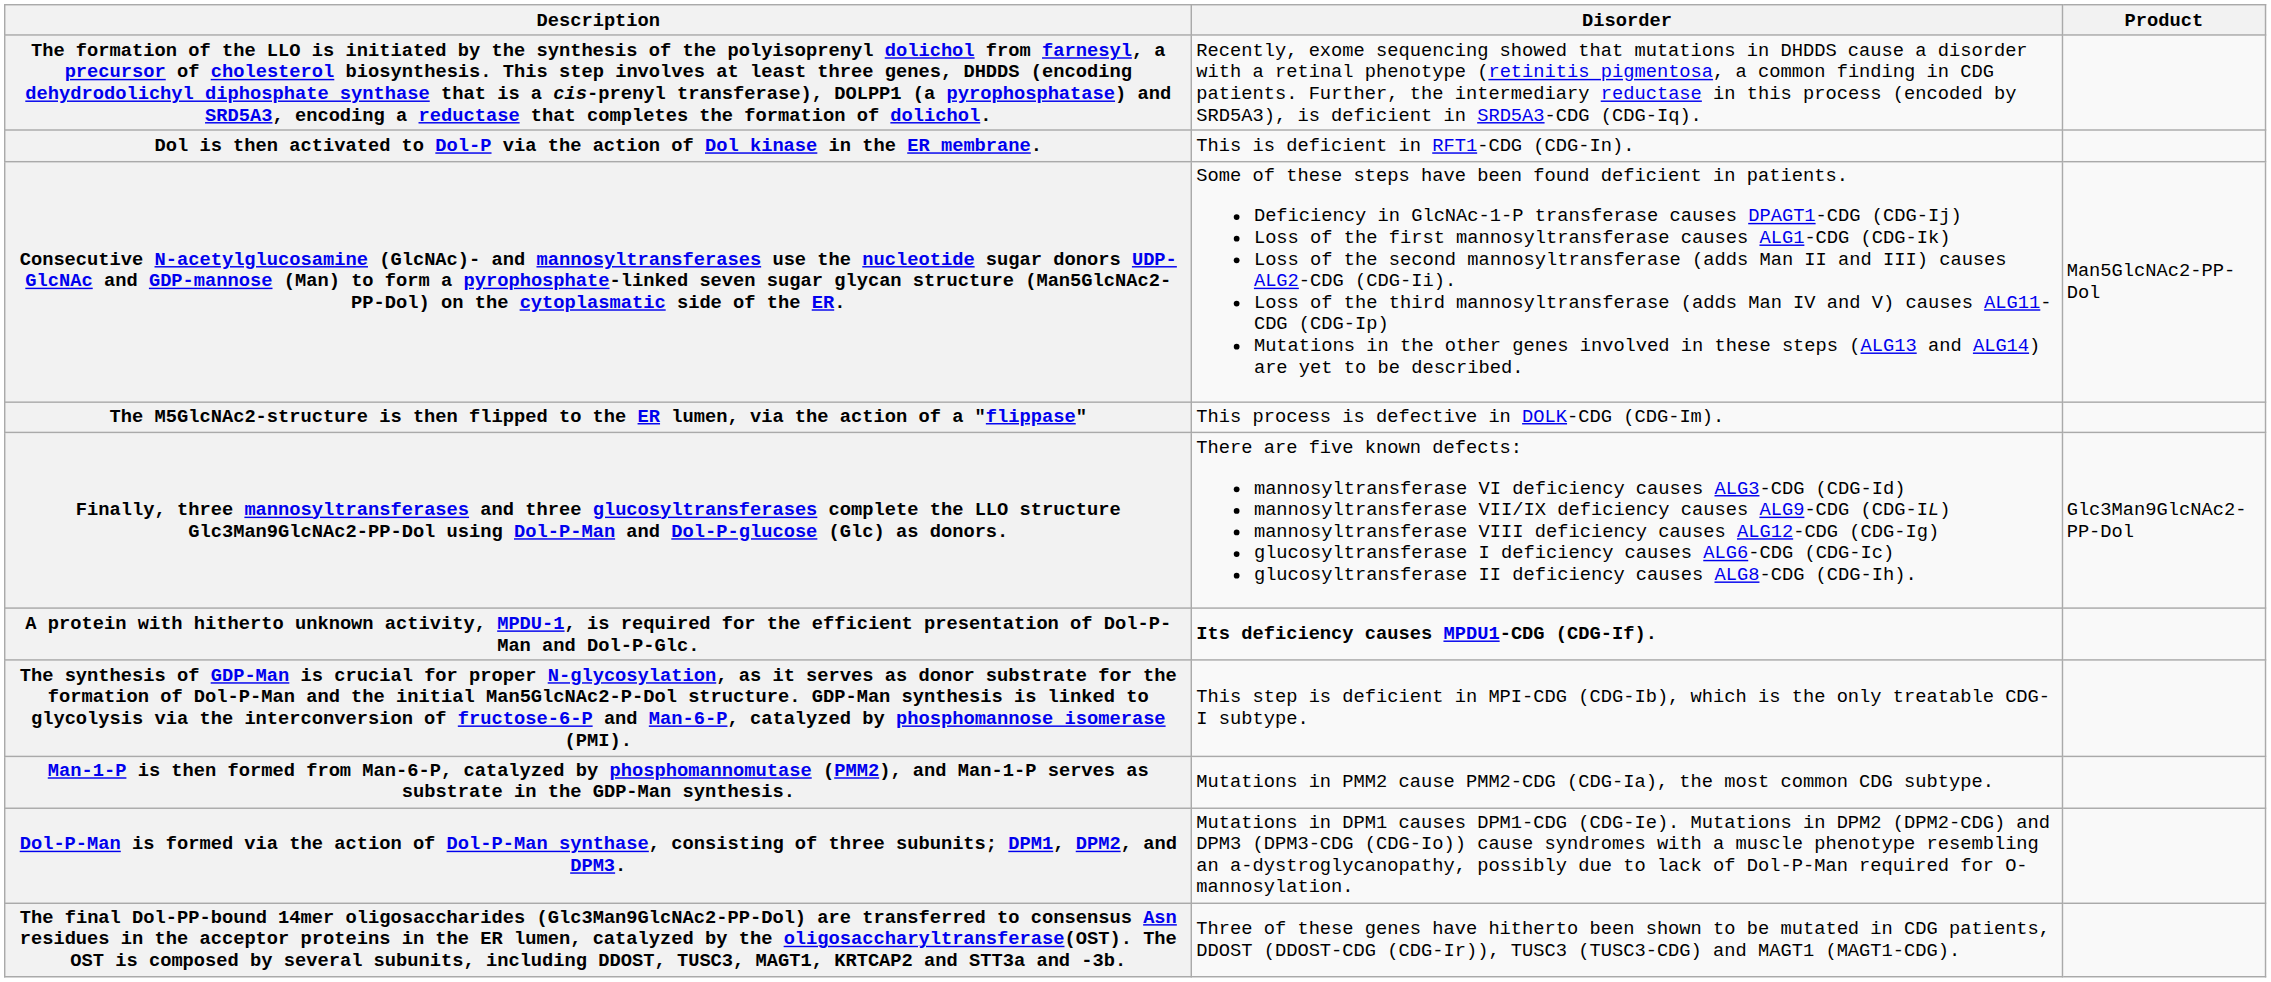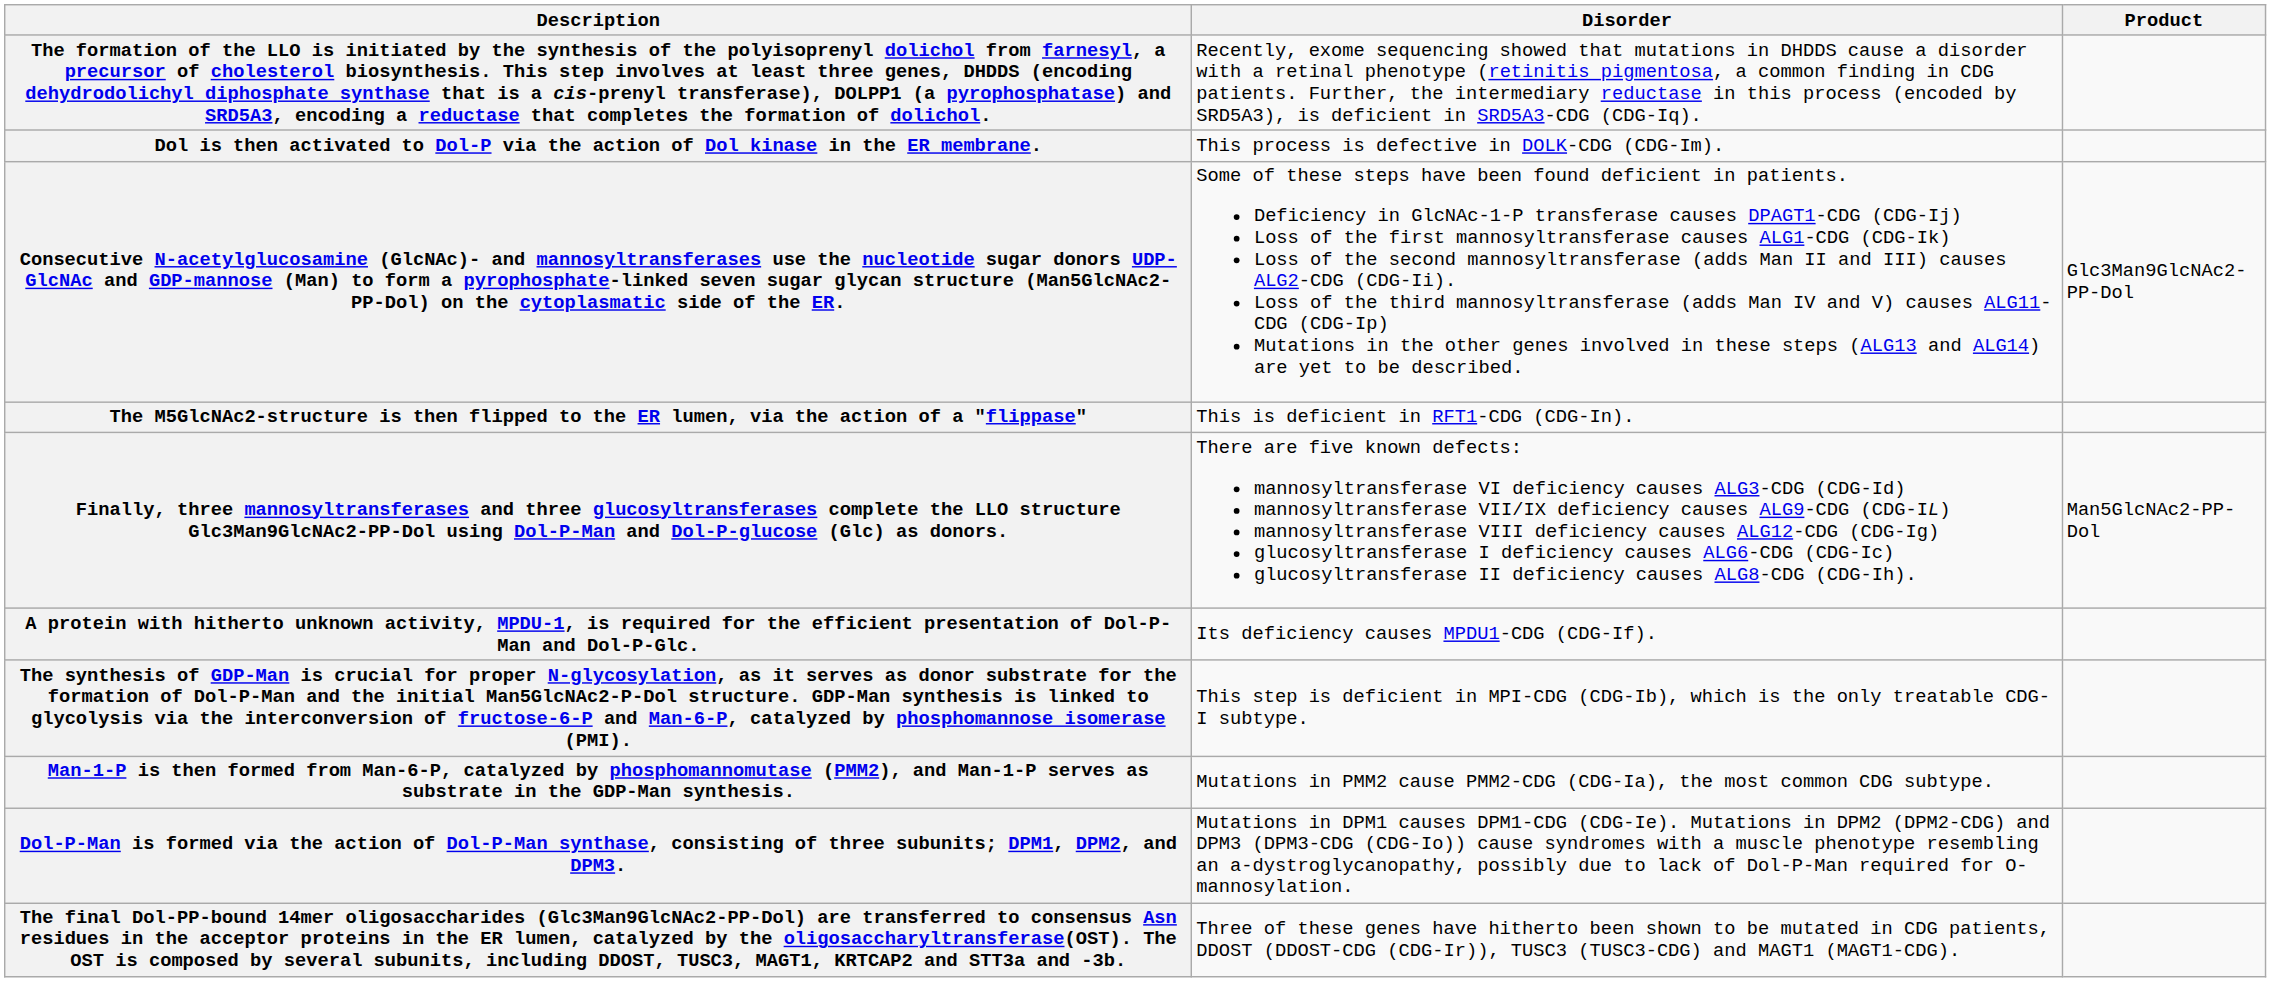 <table class="wikitable plainrowheaders">
 <tr>
 <th scope="col">Description</th>
 <th scope="col">Disorder</th>
 <th scope="col">Product</th>
 </tr>
 <tr>
 <th scope="row">The formation of the LLO is initiated by the synthesis of the polyisoprenyl <a href='#'>dolichol</a> from <a href='#'>farnesyl</a>, a <a href='#'>precursor</a> of <a href='#'>cholesterol</a> biosynthesis. This step involves at least three genes, DHDDS (encoding <a href='#'>dehydrodolichyl diphosphate synthase</a> that is a <em>cis</em>-prenyl transferase), DOLPP1 (a <a href='#'>pyrophosphatase</a>) and <a href='#'>SRD5A3</a>, encoding a <a href='#'>reductase</a> that completes the formation of <a href='#'>dolichol</a>.</th>
 <td>Recently, exome sequencing showed that mutations in DHDDS cause a disorder with a retinal phenotype (<a href='#'>retinitis pigmentosa</a>, a common finding in CDG patients. Further, the intermediary <a href='#'>reductase</a> in this process (encoded by SRD5A3), is deficient in <a href='#'>SRD5A3</a>-CDG (CDG-Iq).</td>
 <td></td>
 </tr>
 <tr>
 <th scope="row">Dol is then activated to <a href='#'>Dol-P</a> via the action of <a href='#'>Dol kinase</a> in the <a href='#'>ER membrane</a>.</th>
-<td>This is deficient in <a href='#'>RFT1</a>-CDG (CDG-In).</td>
+<td>This process is defective in <a href='#'>DOLK</a>-CDG (CDG-Im).</td>
 <td></td>
 </tr>
 <tr>
 <th scope="row">Consecutive <a href='#'>N-acetylglucosamine</a> (GlcNAc)- and <a href='#'>mannosyltransferases</a> use the <a href='#'>nucleotide</a> sugar donors <a href='#'>UDP-GlcNAc</a> and <a href='#'>GDP-mannose</a> (Man) to form a <a href='#'>pyrophosphate</a>-linked seven sugar glycan structure (Man5GlcNAc2-PP-Dol) on the <a href='#'>cytoplasmatic</a> side of the <a href='#'>ER</a>.</th>
 <td>Some of these steps have been found deficient in patients.<br><ul><li>Deficiency in GlcNAc-1-P transferase causes <a href='#'>DPAGT1</a>-CDG (CDG-Ij)</li><li>Loss of the first mannosyltransferase causes <a href='#'>ALG1</a>-CDG (CDG-Ik)</li><li>Loss of the second mannosyltransferase (adds Man II and III) causes <a href='#'>ALG2</a>-CDG (CDG-Ii).</li><li>Loss of the third mannosyltransferase (adds Man IV and V) causes <a href='#'>ALG11</a>-CDG (CDG-Ip)</li><li>Mutations in the other genes involved in these steps (<a href='#'>ALG13</a> and <a href='#'>ALG14</a>) are yet to be described.</li></ul></td>
-<td>Man5GlcNAc2-PP-Dol</td>
+<td>Glc3Man9GlcNAc2-PP-Dol</td>
 </tr>
 <tr>
 <th scope="row">The M5GlcNAc2-structure is then flipped to the <a href='#'>ER</a> lumen, via the action of a "<a href='#'>flippase</a>"</th>
-<td>This process is defective in <a href='#'>DOLK</a>-CDG (CDG-Im).</td>
+<td>This is deficient in <a href='#'>RFT1</a>-CDG (CDG-In).</td>
 <td></td>
 </tr>
 <tr>
 <th scope="row">Finally, three <a href='#'>mannosyltransferases</a> and three <a href='#'>glucosyltransferases</a> complete the LLO structure Glc3Man9GlcNAc2-PP-Dol using <a href='#'>Dol-P-Man</a> and <a href='#'>Dol-P-glucose</a> (Glc) as donors.</th>
 <td>There are five known defects:<br><ul><li>mannosyltransferase VI deficiency causes <a href='#'>ALG3</a>-CDG (CDG-Id)</li><li>mannosyltransferase VII/IX deficiency causes <a href='#'>ALG9</a>-CDG (CDG-I<em>L</em>)</li><li>mannosyltransferase VIII deficiency causes <a href='#'>ALG12</a>-CDG (CDG-Ig)</li><li>glucosyltransferase I deficiency causes <a href='#'>ALG6</a>-CDG (CDG-Ic)</li><li>glucosyltransferase II deficiency causes <a href='#'>ALG8</a>-CDG (CDG-Ih).</li></ul></td>
-<td>Glc3Man9GlcNAc2-PP-Dol</td>
+<td>Man5GlcNAc2-PP-Dol</td>
 </tr>
 <tr>
 <th scope="row">A protein with hitherto unknown activity, <a href='#'>MPDU-1</a>, is required for the efficient presentation of Dol-P-Man and Dol-P-Glc.</th>
-<td><strong>Its deficiency causes <a href='#'>MPDU1</a>-CDG (CDG-If).</strong></td>
+<td>Its deficiency causes <a href='#'>MPDU1</a>-CDG (CDG-If).</td>
 <td></td>
 </tr>
 <tr>
 <th scope="row">The synthesis of <a href='#'>GDP-Man</a> is crucial for proper <a href='#'>N-glycosylation</a>, as it serves as donor substrate for the formation of Dol-P-Man and the initial Man5GlcNAc2-P-Dol structure. GDP-Man synthesis is linked to glycolysis via the interconversion of <a href='#'>fructose-6-P</a> and <a href='#'>Man-6-P</a>, catalyzed by <a href='#'>phosphomannose isomerase</a> (PMI).</th>
 <td>This step is deficient in MPI-CDG (CDG-Ib), which is the only treatable CDG-I subtype.</td>
 <td></td>
 </tr>
 <tr>
 <th scope="row"><a href='#'>Man-1-P</a> is then formed from Man-6-P, catalyzed by <a href='#'>phosphomannomutase</a> (<a href='#'>PMM2</a>), and Man-1-P serves as substrate in the GDP-Man synthesis.</th>
 <td>Mutations in PMM2 cause PMM2-CDG (CDG-Ia), the most common CDG subtype.</td>
 <td></td>
 </tr>
 <tr>
 <th scope="row"><a href='#'>Dol-P-Man</a> is formed via the action of <a href='#'>Dol-P-Man synthase</a>, consisting of three subunits; <a href='#'>DPM1</a>, <a href='#'>DPM2</a>, and <a href='#'>DPM3</a>.</th>
 <td>Mutations in DPM1 causes DPM1-CDG (CDG-Ie). Mutations in DPM2 (DPM2-CDG) and DPM3 (DPM3-CDG (CDG-Io)) cause syndromes with a muscle phenotype resembling an a-dystroglycanopathy, possibly due to lack of Dol-P-Man required for O-mannosylation.</td>
 <td></td>
 </tr>
 <tr>
 <th scope="row">The final Dol-PP-bound 14mer oligosaccharides (Glc3Man9GlcNAc2-PP-Dol) are transferred to consensus <a href='#'>Asn</a> residues in the acceptor proteins in the ER lumen, catalyzed by the <a href='#'>oligosaccharyltransferase</a>(OST). The OST is composed by several subunits, including DDOST, TUSC3, MAGT1, KRTCAP2 and STT3a and -3b.</th>
 <td>Three of these genes have hitherto been shown to be mutated in CDG patients, DDOST (DDOST-CDG (CDG-Ir)), TUSC3 (TUSC3-CDG) and MAGT1 (MAGT1-CDG).</td>
 </tr>
 </table>
